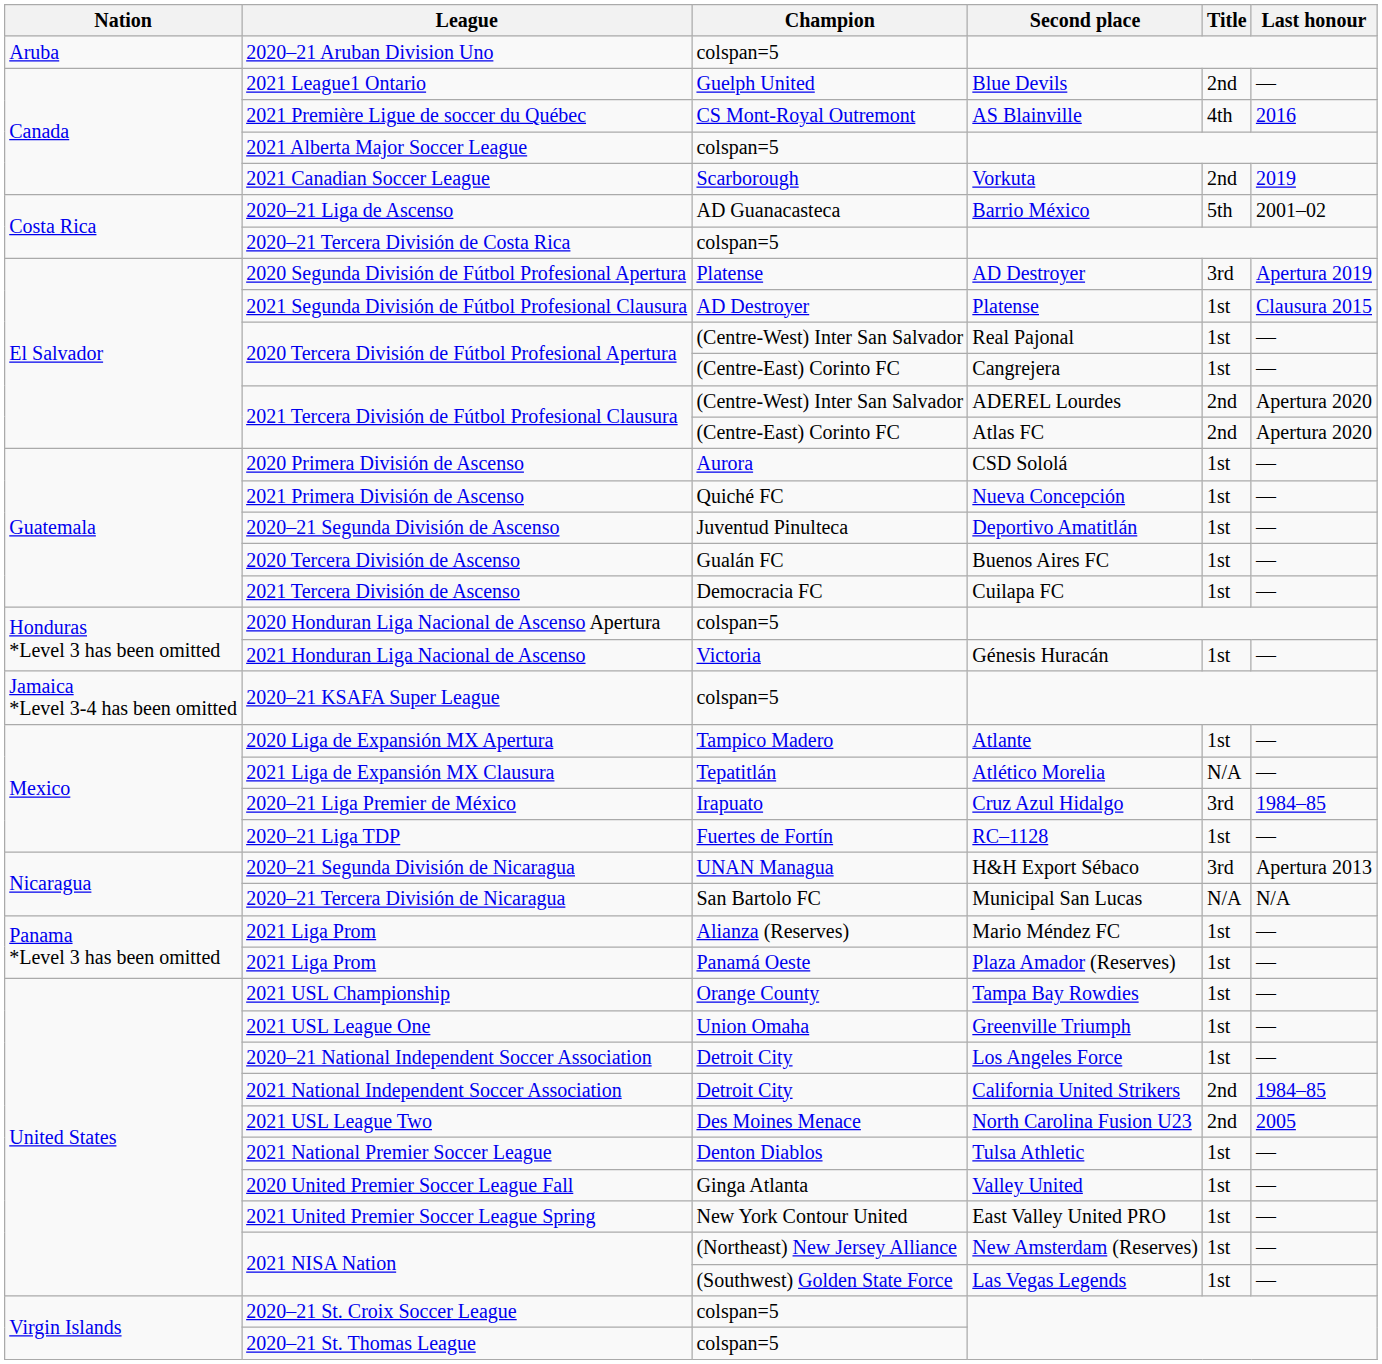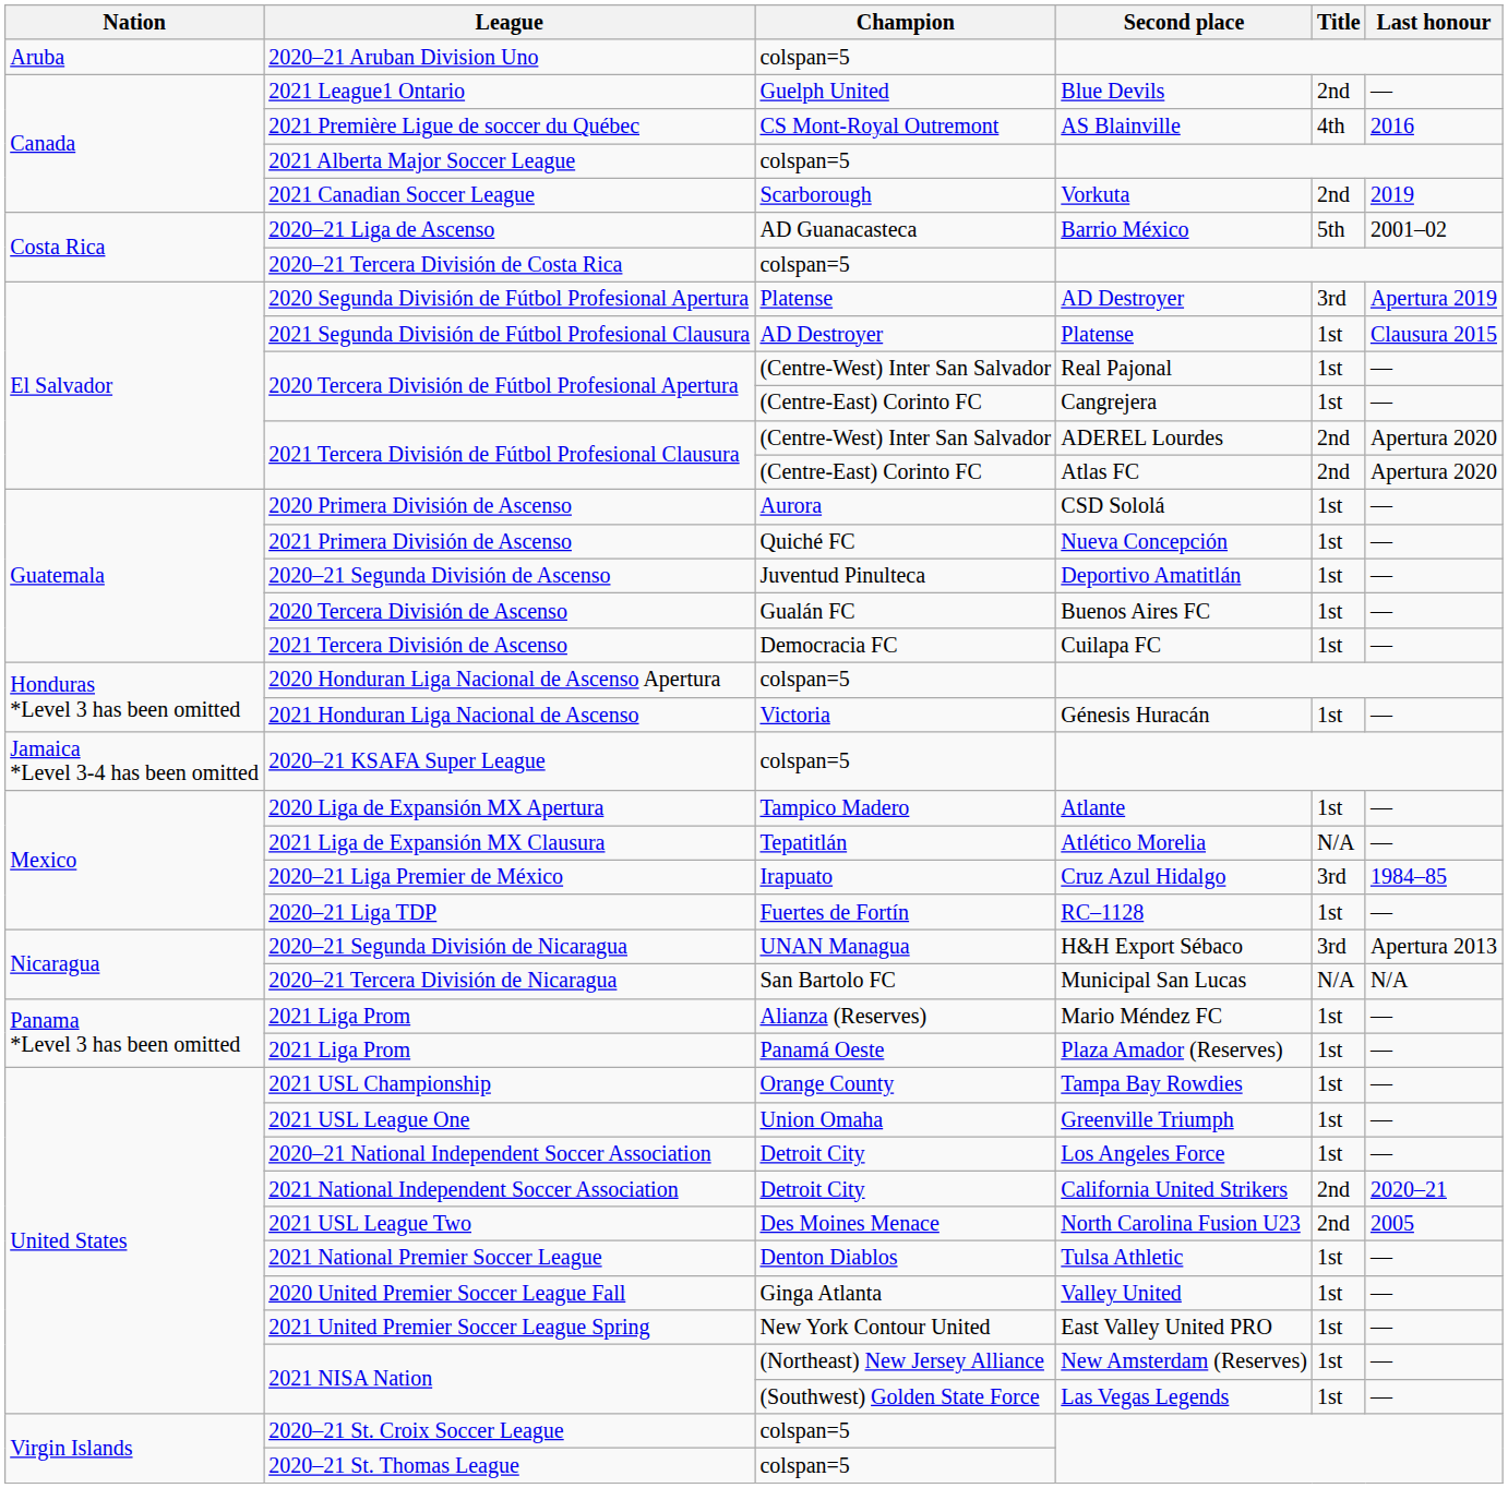 <table class="wikitable sortable">
 <tr>
 <th>Nation</th>
 <th>League</th>
 <th>Champion</th>
 <th>Second place</th>
 <th data-sort-type="number">Title</th>
 <th>Last honour</th>
 </tr>
 <tr>
 <td> <a href='#'>Aruba</a></td>
 <td><a href='#'>2020–21 Aruban Division Uno</a></td>
 <td>colspan=5 </td>
 </tr>
 <tr>
 <td rowspan="4"> <a href='#'>Canada</a></td>
 <td><a href='#'>2021 League1 Ontario</a></td>
 <td><a href='#'>Guelph United</a></td>
 <td><a href='#'>Blue Devils</a></td>
 <td>2nd</td>
 <td>—</td>
 </tr>
 <tr>
 <td><a href='#'>2021 Première Ligue de soccer du Québec</a></td>
 <td><a href='#'>CS Mont-Royal Outremont</a></td>
 <td><a href='#'>AS Blainville</a></td>
 <td>4th</td>
 <td><a href='#'>2016</a></td>
 </tr>
 <tr>
 <td><a href='#'>2021 Alberta Major Soccer League</a></td>
 <td>colspan=5 </td>
 </tr>
 <tr>
 <td><a href='#'>2021 Canadian Soccer League</a></td>
 <td><a href='#'>Scarborough</a></td>
 <td><a href='#'>Vorkuta</a></td>
 <td>2nd</td>
 <td><a href='#'>2019</a></td>
 </tr>
 <tr>
 <td rowspan="2"> <a href='#'>Costa Rica</a></td>
 <td><a href='#'>2020–21 Liga de Ascenso</a></td>
 <td>AD Guanacasteca</td>
 <td><a href='#'>Barrio México</a></td>
 <td>5th</td>
 <td>2001–02</td>
 </tr>
 <tr>
 <td><a href='#'>2020–21 Tercera División de Costa Rica</a></td>
 <td>colspan=5 </td>
 </tr>
 <tr>
 <td rowspan="6"> <a href='#'>El Salvador</a></td>
 <td><a href='#'>2020 Segunda División de Fútbol Profesional Apertura</a></td>
 <td><a href='#'>Platense</a></td>
 <td><a href='#'>AD Destroyer</a></td>
 <td>3rd</td>
 <td><a href='#'>Apertura 2019</a></td>
 </tr>
 <tr>
 <td><a href='#'>2021 Segunda División de Fútbol Profesional Clausura</a></td>
 <td><a href='#'>AD Destroyer</a></td>
 <td><a href='#'>Platense</a></td>
 <td>1st</td>
 <td><a href='#'>Clausura 2015</a></td>
 </tr>
 <tr>
 <td rowspan="2"><a href='#'>2020 Tercera División de Fútbol Profesional Apertura</a></td>
 <td>(Centre-West) Inter San Salvador</td>
 <td>Real Pajonal</td>
 <td>1st</td>
 <td>—</td>
 </tr>
 <tr>
 <td>(Centre-East) Corinto FC</td>
 <td>Cangrejera</td>
 <td>1st</td>
 <td>—</td>
 </tr>
 <tr>
 <td rowspan="2"><a href='#'>2021 Tercera División de Fútbol Profesional Clausura</a></td>
 <td>(Centre-West) Inter San Salvador</td>
 <td>ADEREL Lourdes</td>
 <td>2nd</td>
 <td>Apertura 2020</td>
 </tr>
 <tr>
 <td>(Centre-East) Corinto FC</td>
 <td>Atlas FC</td>
 <td>2nd</td>
 <td>Apertura 2020</td>
 </tr>
 <tr>
 <td rowspan="5"> <a href='#'>Guatemala</a></td>
 <td><a href='#'>2020 Primera División de Ascenso</a> </td>
 <td><a href='#'>Aurora</a></td>
 <td>CSD Sololá</td>
 <td>1st</td>
 <td>—</td>
 </tr>
 <tr>
 <td><a href='#'>2021 Primera División de Ascenso</a> </td>
 <td>Quiché FC</td>
 <td><a href='#'>Nueva Concepción</a></td>
 <td>1st</td>
 <td>—</td>
 </tr>
 <tr>
 <td><a href='#'>2020–21 Segunda División de Ascenso</a> </td>
 <td>Juventud Pinulteca</td>
 <td><a href='#'>Deportivo Amatitlán</a></td>
 <td>1st</td>
 <td>—</td>
 </tr>
 <tr>
 <td><a href='#'>2020 Tercera División de Ascenso</a> </td>
 <td>Gualán FC</td>
 <td>Buenos Aires FC</td>
 <td>1st</td>
 <td>—</td>
 </tr>
 <tr>
 <td><a href='#'>2021 Tercera División de Ascenso</a> </td>
 <td>Democracia FC</td>
 <td>Cuilapa FC</td>
 <td>1st</td>
 <td>—</td>
 </tr>
 <tr>
 <td rowspan="2"> <a href='#'>Honduras</a> <br>*Level 3 has been omitted</td>
 <td><a href='#'>2020 Honduran Liga Nacional de Ascenso</a> Apertura</td>
 <td>colspan=5 </td>
 </tr>
 <tr>
 <td><a href='#'>2021 Honduran Liga Nacional de Ascenso</a> </td>
 <td><a href='#'>Victoria</a></td>
 <td>Génesis Huracán</td>
 <td>1st</td>
 <td>—</td>
 </tr>
 <tr>
 <td> <a href='#'>Jamaica</a> <br>*Level 3-4 has been omitted</td>
 <td><a href='#'>2020–21 KSAFA Super League</a></td>
 <td>colspan=5 </td>
 </tr>
 <tr>
 <td rowspan="4"> <a href='#'>Mexico</a></td>
 <td><a href='#'>2020 Liga de Expansión MX Apertura</a></td>
 <td><a href='#'>Tampico Madero</a></td>
 <td><a href='#'>Atlante</a></td>
 <td>1st</td>
 <td>—</td>
 </tr>
 <tr>
 <td><a href='#'>2021 Liga de Expansión MX Clausura</a></td>
 <td><a href='#'>Tepatitlán</a></td>
 <td><a href='#'>Atlético Morelia</a></td>
 <td>N/A</td>
 <td>—</td>
 </tr>
 <tr>
 <td><a href='#'>2020–21 Liga Premier de México</a></td>
 <td><a href='#'>Irapuato</a></td>
 <td><a href='#'>Cruz Azul Hidalgo</a></td>
 <td>3rd</td>
 <td><a href='#'>1984–85</a></td>
 </tr>
 <tr>
 <td><a href='#'>2020–21 Liga TDP</a></td>
 <td><a href='#'>Fuertes de Fortín</a></td>
 <td><a href='#'>RC–1128</a></td>
 <td>1st</td>
 <td>—</td>
 </tr>
 <tr>
 <td rowspan="2"> <a href='#'>Nicaragua</a></td>
 <td><a href='#'>2020–21 Segunda División de Nicaragua</a></td>
 <td><a href='#'>UNAN Managua</a></td>
 <td>H&H Export Sébaco</td>
 <td>3rd</td>
 <td>Apertura 2013</td>
 </tr>
 <tr>
 <td><a href='#'>2020–21 Tercera División de Nicaragua</a></td>
 <td>San Bartolo FC</td>
 <td>Municipal San Lucas</td>
 <td>N/A</td>
 <td>N/A</td>
 </tr>
 <tr>
 <td rowspan="2"> <a href='#'>Panama</a> <br>*Level 3 has been omitted</td>
 <td><a href='#'>2021 Liga Prom</a> </td>
 <td><a href='#'>Alianza</a> (Reserves)</td>
 <td>Mario Méndez FC</td>
 <td>1st</td>
 <td>—</td>
 </tr>
 <tr>
 <td><a href='#'>2021 Liga Prom</a> </td>
 <td><a href='#'>Panamá Oeste</a></td>
 <td><a href='#'>Plaza Amador</a> (Reserves)</td>
 <td>1st</td>
 <td>—</td>
 </tr>
 <tr>
 <td rowspan="10"> <a href='#'>United States</a></td>
 <td><a href='#'>2021 USL Championship</a></td>
 <td><a href='#'>Orange County</a></td>
 <td><a href='#'>Tampa Bay Rowdies</a></td>
 <td>1st</td>
 <td>—</td>
 </tr>
 <tr>
 <td><a href='#'>2021 USL League One</a></td>
 <td><a href='#'>Union Omaha</a></td>
 <td><a href='#'>Greenville Triumph</a></td>
 <td>1st</td>
 <td>—</td>
 </tr>
 <tr>
 <td><a href='#'>2020–21 National Independent Soccer Association</a></td>
 <td><a href='#'>Detroit City</a></td>
 <td><a href='#'>Los Angeles Force</a></td>
 <td>1st</td>
 <td>—</td>
 </tr>
 <tr>
 <td><a href='#'>2021 National Independent Soccer Association</a></td>
 <td><a href='#'>Detroit City</a></td>
 <td><a href='#'>California United Strikers</a></td>
 <td>2nd</td>
-<td><a href='#'>1984–85</a></td>
+<td><a href='#'>2020–21</a></td>
 </tr>
 <tr>
 <td><a href='#'>2021 USL League Two</a></td>
 <td><a href='#'>Des Moines Menace</a></td>
 <td><a href='#'>North Carolina Fusion U23</a></td>
 <td>2nd</td>
 <td><a href='#'>2005</a></td>
 </tr>
 <tr>
 <td><a href='#'>2021 National Premier Soccer League</a></td>
 <td><a href='#'>Denton Diablos</a></td>
 <td><a href='#'>Tulsa Athletic</a></td>
 <td>1st</td>
 <td>—</td>
 </tr>
 <tr>
 <td><a href='#'>2020 United Premier Soccer League Fall</a></td>
 <td>Ginga Atlanta</td>
 <td><a href='#'>Valley United</a></td>
 <td>1st</td>
 <td>—</td>
 </tr>
 <tr>
 <td><a href='#'>2021 United Premier Soccer League Spring</a></td>
 <td>New York Contour United</td>
 <td>East Valley United PRO</td>
 <td>1st</td>
 <td>—</td>
 </tr>
 <tr>
 <td rowspan="2"><a href='#'>2021 NISA Nation</a></td>
 <td>(Northeast) <a href='#'>New Jersey Alliance</a></td>
 <td><a href='#'>New Amsterdam</a> (Reserves)</td>
 <td>1st</td>
 <td>—</td>
 </tr>
 <tr>
 <td>(Southwest) <a href='#'>Golden State Force</a></td>
 <td><a href='#'>Las Vegas Legends</a></td>
 <td>1st</td>
 <td>—</td>
 </tr>
 <tr>
 <td rowspan="2"> <a href='#'>Virgin Islands</a></td>
 <td><a href='#'>2020–21 St. Croix Soccer League</a></td>
 <td>colspan=5 </td>
 </tr>
 <tr>
 <td><a href='#'>2020–21 St. Thomas League</a></td>
 <td>colspan=5 </td>
 </tr>
 </table>
